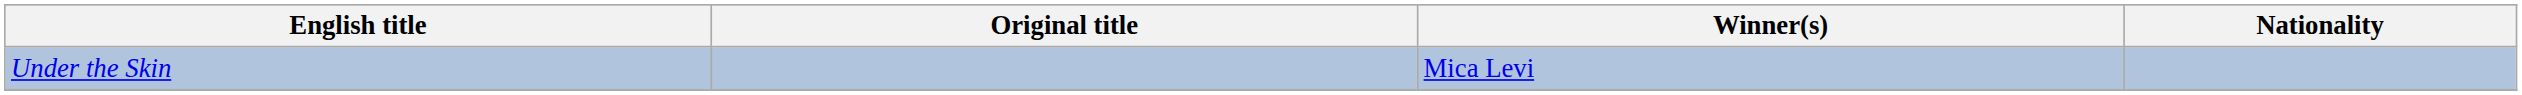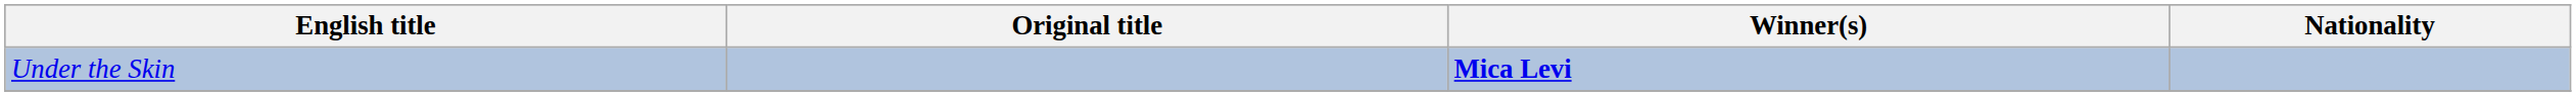 <table class="wikitable" width="95%" cellpadding="5">
 <tr>
 <th width="18%">English title</th>
 <th width="18%">Original title</th>
 <th width="18%">Winner(s)</th>
 <th width="10%">Nationality</th>
 </tr>
 <tr style="background:#B0C4DE;">
 <td><em><a href='#'>Under the Skin</a></em></td>
 <td></td>
-<td><a href='#'>Mica Levi</a></td>
+<td><strong><a href='#'>Mica Levi</a></strong></td>
 <td></td>
 </tr>
 <tr>
 </tr>
 </table>
